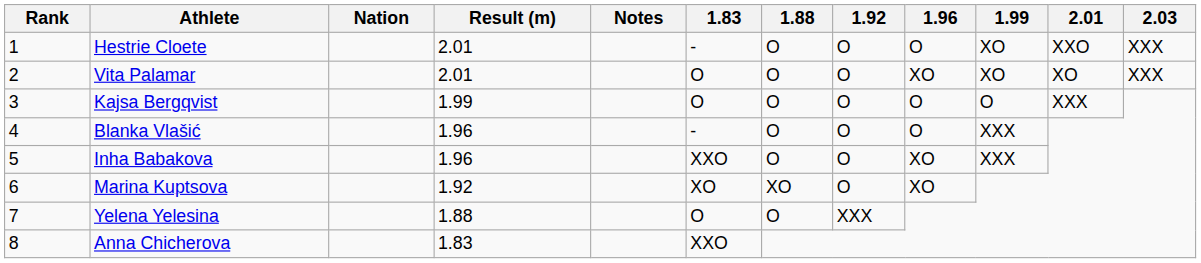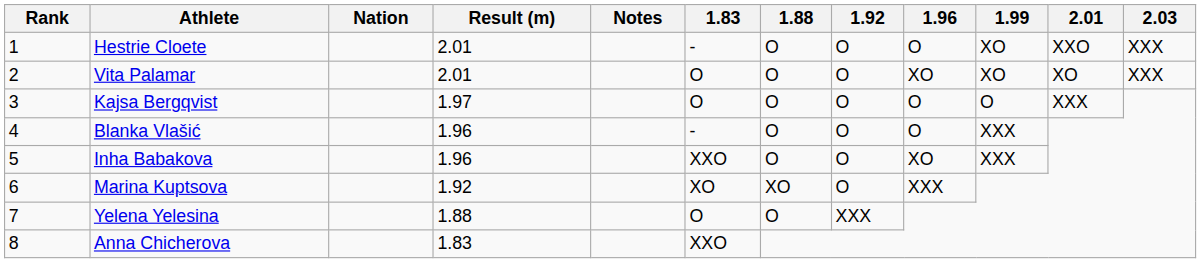 <table class="wikitable" style="text=align:center;" width=85%>
 <tr>
 <th>Rank</th>
 <th>Athlete</th>
 <th>Nation</th>
 <th>Result (m)</th>
 <th>Notes</th>
 <th>1.83</th>
 <th>1.88</th>
 <th>1.92</th>
 <th>1.96</th>
 <th>1.99</th>
 <th>2.01</th>
 <th>2.03</th>
 </tr>
 <tr>
 <td>1</td>
 <td><a href='#'>Hestrie Cloete</a></td>
 <td></td>
 <td>2.01</td>
 <td></td>
 <td>-</td>
 <td>O</td>
 <td>O</td>
 <td>O</td>
 <td>XO</td>
 <td>XXO</td>
 <td>XXX</td>
 </tr>
 <tr>
 <td>2</td>
 <td><a href='#'>Vita Palamar</a></td>
 <td></td>
 <td>2.01</td>
 <td></td>
 <td>O</td>
 <td>O</td>
 <td>O</td>
 <td>XO</td>
 <td>XO</td>
 <td>XO</td>
 <td>XXX</td>
 </tr>
 <tr>
 <td>3</td>
 <td><a href='#'>Kajsa Bergqvist</a></td>
 <td></td>
-<td>1.99</td>
+<td>1.97</td>
 <td></td>
 <td>O</td>
 <td>O</td>
 <td>O</td>
 <td>O</td>
 <td>O</td>
 <td>XXX</td>
 </tr>
 <tr>
 <td>4</td>
 <td><a href='#'>Blanka Vlašić</a></td>
 <td></td>
 <td>1.96</td>
 <td></td>
 <td>-</td>
 <td>O</td>
 <td>O</td>
 <td>O</td>
 <td>XXX</td>
 </tr>
 <tr>
 <td>5</td>
 <td><a href='#'>Inha Babakova</a></td>
 <td></td>
 <td>1.96</td>
 <td></td>
 <td>XXO</td>
 <td>O</td>
 <td>O</td>
 <td>XO</td>
 <td>XXX</td>
 </tr>
 <tr>
 <td>6</td>
 <td><a href='#'>Marina Kuptsova</a></td>
 <td></td>
 <td>1.92</td>
 <td></td>
 <td>XO</td>
 <td>XO</td>
 <td>O</td>
-<td>XO</td>
+<td>XXX</td>
 </tr>
 <tr>
 <td>7</td>
 <td><a href='#'>Yelena Yelesina</a></td>
 <td></td>
 <td>1.88</td>
 <td></td>
 <td>O</td>
 <td>O</td>
 <td>XXX</td>
 </tr>
 <tr>
 <td>8</td>
 <td><a href='#'>Anna Chicherova</a></td>
 <td></td>
 <td>1.83</td>
 <td></td>
 <td>XXO</td>
 </tr>
 </table>
